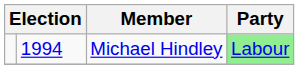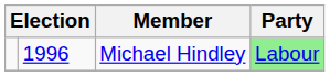 <table class="wikitable">
 <tr>
 <th colspan="2">Election</th>
 <th>Member</th>
 <th>Party</th>
 </tr>
 <tr>
 <td style="background-color: "></td>
-<td><a href='#'>1994</a></td>
+<td><a href='#'>1996</a></td>
 <td><a href='#'>Michael Hindley</a></td>
 <td style="background: lightgreen;"><a href='#'>Labour</a></td>
 </tr>
 <tr>
 </tr>
 </table>
